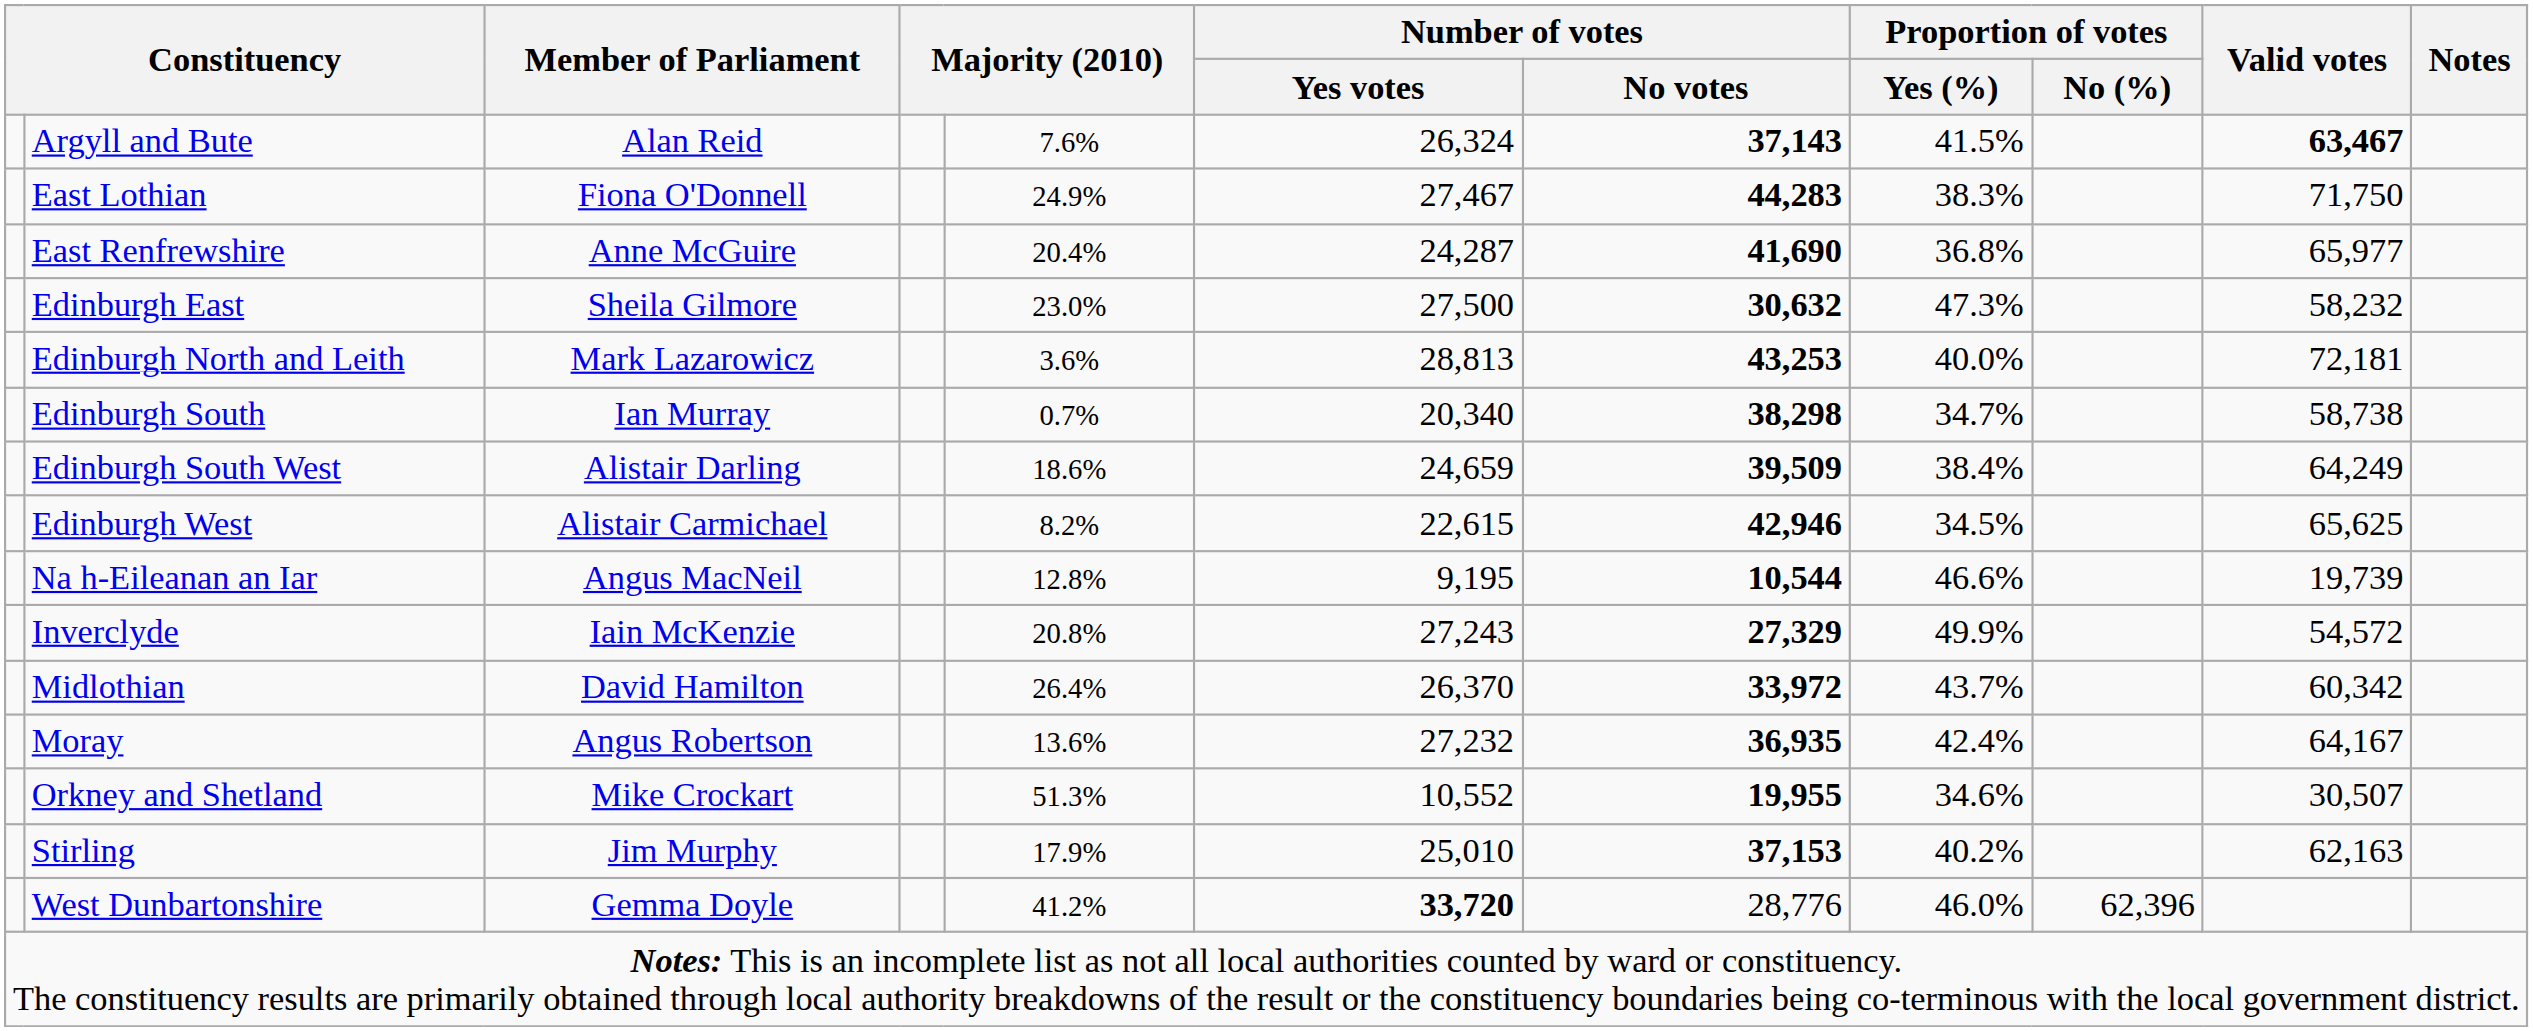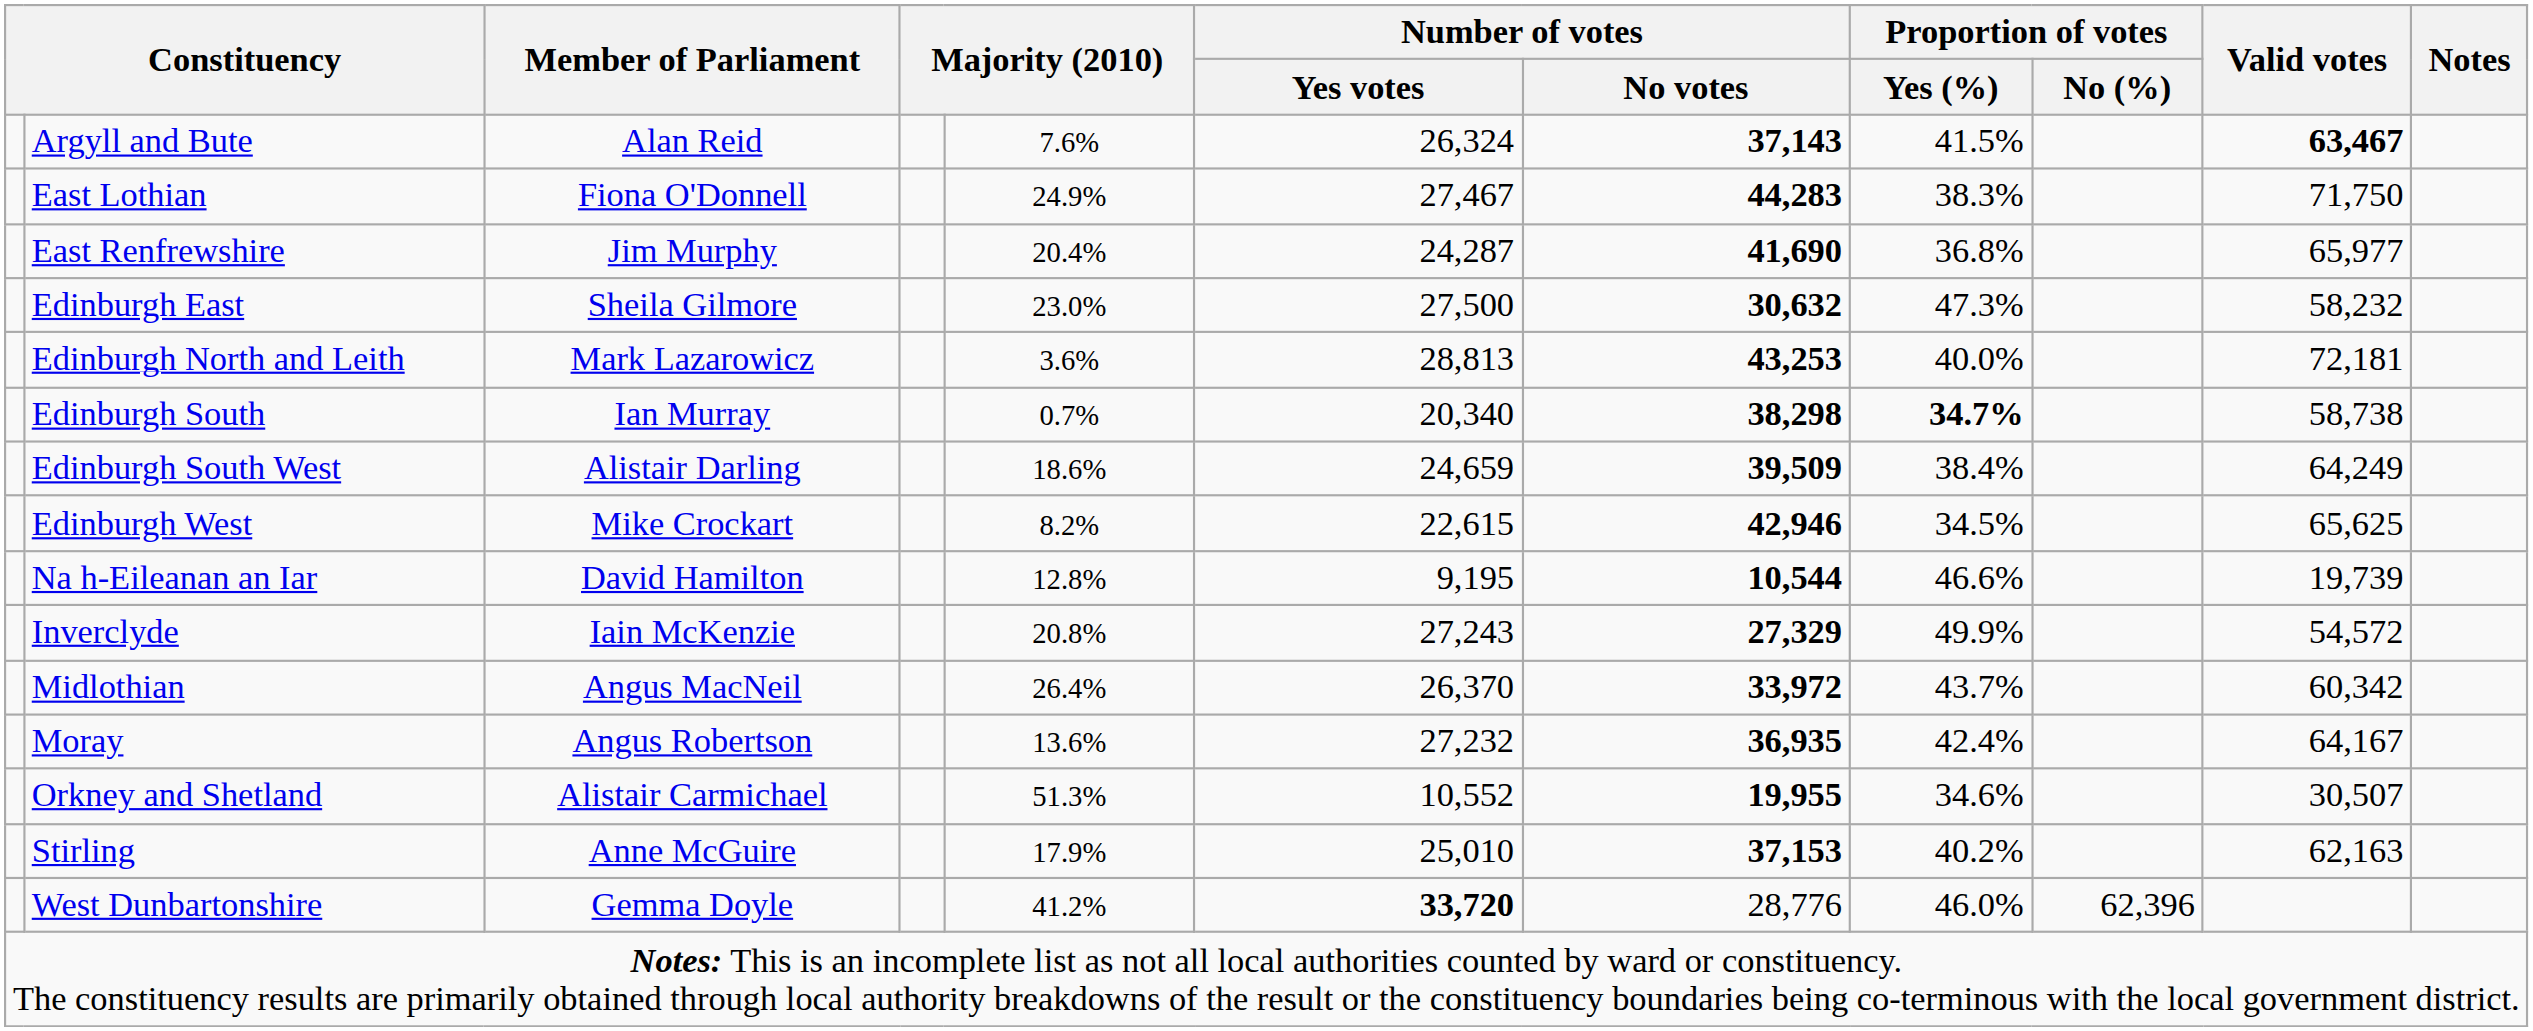 <table class="wikitable sortable" style="text-align: right">
 <tr>
 <th rowspan=2 colspan=2>Constituency</th>
 <th rowspan=2>Member of Parliament</th>
 <th rowspan=2 colspan=2>Majority (2010)</th>
 <th colspan=2>Number of votes</th>
 <th colspan=2>Proportion of votes</th>
 <th rowspan=2>Valid votes</th>
 <th rowspan=2>Notes</th>
 </tr>
 <tr>
 <th scope="col" style="width:13%">Yes votes</th>
 <th scope="col" style="width:13%">No votes</th>
 <th>Yes (%)</th>
 <th>No (%)</th>
 </tr>
 <tr>
 <td></td>
 <td scope="row" style="text-align:left"><a href='#'>Argyll and Bute</a></td>
 <td style="text-align:center;"><a href='#'>Alan Reid</a></td>
 <td></td>
 <td style="text-align: center;"><small>7.6%</small></td>
 <td>26,324</td>
 <td><strong>37,143</strong></td>
 <td>41.5%</td>
 <td></td>
 <td><strong>63,467</strong></td>
 <td></td>
 </tr>
 <tr>
 <td></td>
 <td scope="row" style="text-align:left"><a href='#'>East Lothian</a></td>
 <td style="text-align:center;"><a href='#'>Fiona O'Donnell</a></td>
 <td></td>
 <td style="text-align: center;"><small>24.9%</small></td>
 <td>27,467</td>
 <td><strong>44,283</strong></td>
 <td>38.3%</td>
 <td></td>
 <td>71,750</td>
 <td></td>
 </tr>
 <tr>
 <td></td>
 <td scope="row" style="text-align:left"><a href='#'>East Renfrewshire</a></td>
-<td style="text-align:center;"><a href='#'>Anne McGuire</a></td>
+<td style="text-align:center;"><a href='#'>Jim Murphy</a></td>
 <td></td>
 <td style="text-align: center;"><small>20.4%</small></td>
 <td>24,287</td>
 <td><strong>41,690</strong></td>
 <td>36.8%</td>
 <td></td>
 <td>65,977</td>
 <td></td>
 </tr>
 <tr>
 <td></td>
 <td scope="row" style="text-align:left"><a href='#'>Edinburgh East</a></td>
 <td style="text-align:center;"><a href='#'>Sheila Gilmore</a></td>
 <td></td>
 <td style="text-align: center;"><small>23.0%</small></td>
 <td>27,500</td>
 <td><strong>30,632</strong></td>
 <td>47.3%</td>
 <td></td>
 <td>58,232</td>
 <td></td>
 </tr>
 <tr>
 <td></td>
 <td scope="row" style="text-align:left"><a href='#'>Edinburgh North and Leith</a></td>
 <td style="text-align:center;"><a href='#'>Mark Lazarowicz</a></td>
 <td></td>
 <td style="text-align: center;"><small>3.6%</small></td>
 <td>28,813</td>
 <td><strong>43,253</strong></td>
 <td>40.0%</td>
 <td></td>
 <td>72,181</td>
 <td></td>
 </tr>
 <tr>
 <td></td>
 <td scope="row" style="text-align:left"><a href='#'>Edinburgh South</a></td>
 <td style="text-align:center;"><a href='#'>Ian Murray</a></td>
 <td></td>
 <td style="text-align: center;"><small>0.7%</small></td>
 <td>20,340</td>
 <td><strong>38,298</strong></td>
-<td>34.7%</td>
+<td><strong>34.7%</strong></td>
 <td></td>
 <td>58,738</td>
 <td></td>
 </tr>
 <tr>
 <td></td>
 <td scope="row" style="text-align:left"><a href='#'>Edinburgh South West</a></td>
 <td style="text-align:center;"><a href='#'>Alistair Darling</a></td>
 <td></td>
 <td style="text-align: center;"><small>18.6%</small></td>
 <td>24,659</td>
 <td><strong>39,509</strong></td>
 <td>38.4%</td>
 <td></td>
 <td>64,249</td>
 <td></td>
 </tr>
 <tr>
 <td></td>
 <td scope="row" style="text-align:left"><a href='#'>Edinburgh West</a></td>
-<td style="text-align:center;"><a href='#'>Alistair Carmichael</a></td>
+<td style="text-align:center;"><a href='#'>Mike Crockart</a></td>
 <td></td>
 <td style="text-align: center;"><small>8.2%</small></td>
 <td>22,615</td>
 <td><strong>42,946</strong></td>
 <td>34.5%</td>
 <td></td>
 <td>65,625</td>
 <td></td>
 </tr>
 <tr>
 <td></td>
 <td scope="row" style="text-align:left"><a href='#'>Na h-Eileanan an Iar</a></td>
-<td style="text-align:center;"><a href='#'>Angus MacNeil</a></td>
+<td style="text-align:center;"><a href='#'>David Hamilton</a></td>
 <td></td>
 <td style="text-align: center;"><small>12.8%</small></td>
 <td>9,195</td>
 <td><strong>10,544</strong></td>
 <td>46.6%</td>
 <td></td>
 <td>19,739</td>
 <td></td>
 </tr>
 <tr>
 <td></td>
 <td scope="row" style="text-align:left"><a href='#'>Inverclyde</a></td>
 <td style="text-align:center;"><a href='#'>Iain McKenzie</a></td>
 <td></td>
 <td style="text-align: center;"><small>20.8%</small></td>
 <td>27,243</td>
 <td><strong>27,329</strong></td>
 <td>49.9%</td>
 <td></td>
 <td>54,572</td>
 <td></td>
 </tr>
 <tr>
 <td></td>
 <td scope="row" style="text-align:left"><a href='#'>Midlothian</a></td>
-<td style="text-align:center;"><a href='#'>David Hamilton</a></td>
+<td style="text-align:center;"><a href='#'>Angus MacNeil</a></td>
 <td></td>
 <td style="text-align: center;"><small>26.4%</small></td>
 <td>26,370</td>
 <td><strong>33,972</strong></td>
 <td>43.7%</td>
 <td></td>
 <td>60,342</td>
 <td></td>
 </tr>
 <tr>
 <td></td>
 <td scope="row" style="text-align:left"><a href='#'>Moray</a></td>
 <td style="text-align:center;"><a href='#'>Angus Robertson</a></td>
 <td></td>
 <td style="text-align: center;"><small>13.6%</small></td>
 <td>27,232</td>
 <td><strong>36,935</strong></td>
 <td>42.4%</td>
 <td></td>
 <td>64,167</td>
 <td></td>
 </tr>
 <tr>
 <td></td>
 <td scope="row" style="text-align:left"><a href='#'>Orkney and Shetland</a></td>
-<td style="text-align:center;"><a href='#'>Mike Crockart</a></td>
+<td style="text-align:center;"><a href='#'>Alistair Carmichael</a></td>
 <td></td>
 <td style="text-align: center;"><small>51.3%</small></td>
 <td>10,552</td>
 <td><strong>19,955</strong></td>
 <td>34.6%</td>
 <td></td>
 <td>30,507</td>
 <td></td>
 </tr>
 <tr>
 <td></td>
 <td scope="row" style="text-align:left"><a href='#'>Stirling</a></td>
-<td style="text-align:center;"><a href='#'>Jim Murphy</a></td>
+<td style="text-align:center;"><a href='#'>Anne McGuire</a></td>
 <td></td>
 <td style="text-align: center;"><small>17.9%</small></td>
 <td>25,010</td>
 <td><strong>37,153</strong></td>
 <td>40.2%</td>
 <td></td>
 <td>62,163</td>
 <td></td>
 </tr>
 <tr>
 <td></td>
 <td scope="row" style="text-align:left"><a href='#'>West Dunbartonshire</a></td>
 <td style="text-align:center;"><a href='#'>Gemma Doyle</a></td>
 <td></td>
 <td style="text-align: center;"><small>41.2%</small></td>
 <td><strong>33,720</strong></td>
 <td>28,776<br></td>
 <td>46.0%</td>
 <td>62,396</td>
 <td></td>
 </tr>
 <tr>
 <td colspan="11" scope="row" style="text-align:center"><strong><em>Notes:</em></strong> This is an incomplete list as not all local authorities counted by ward or constituency. <br>The constituency results are primarily obtained through local authority breakdowns of the result or the constituency boundaries being co-terminous with the local government district.<br></td>
 </tr>
 </table>
